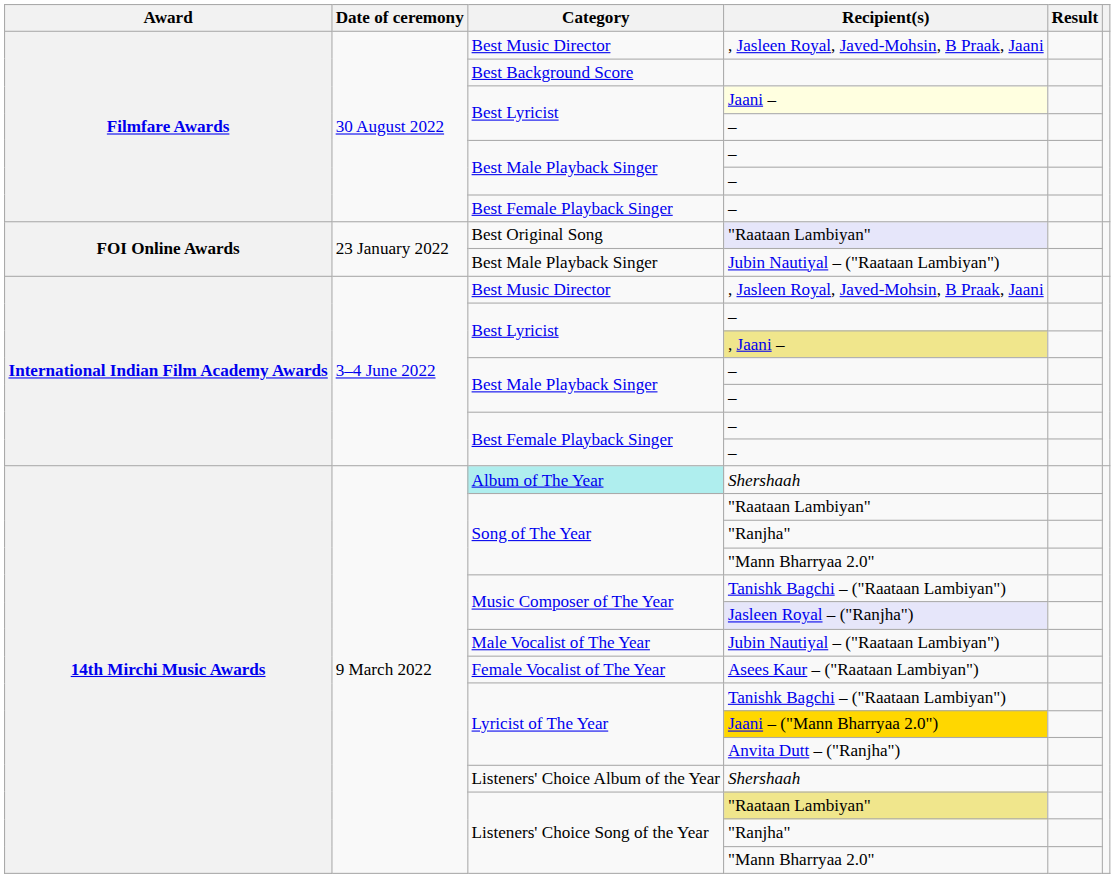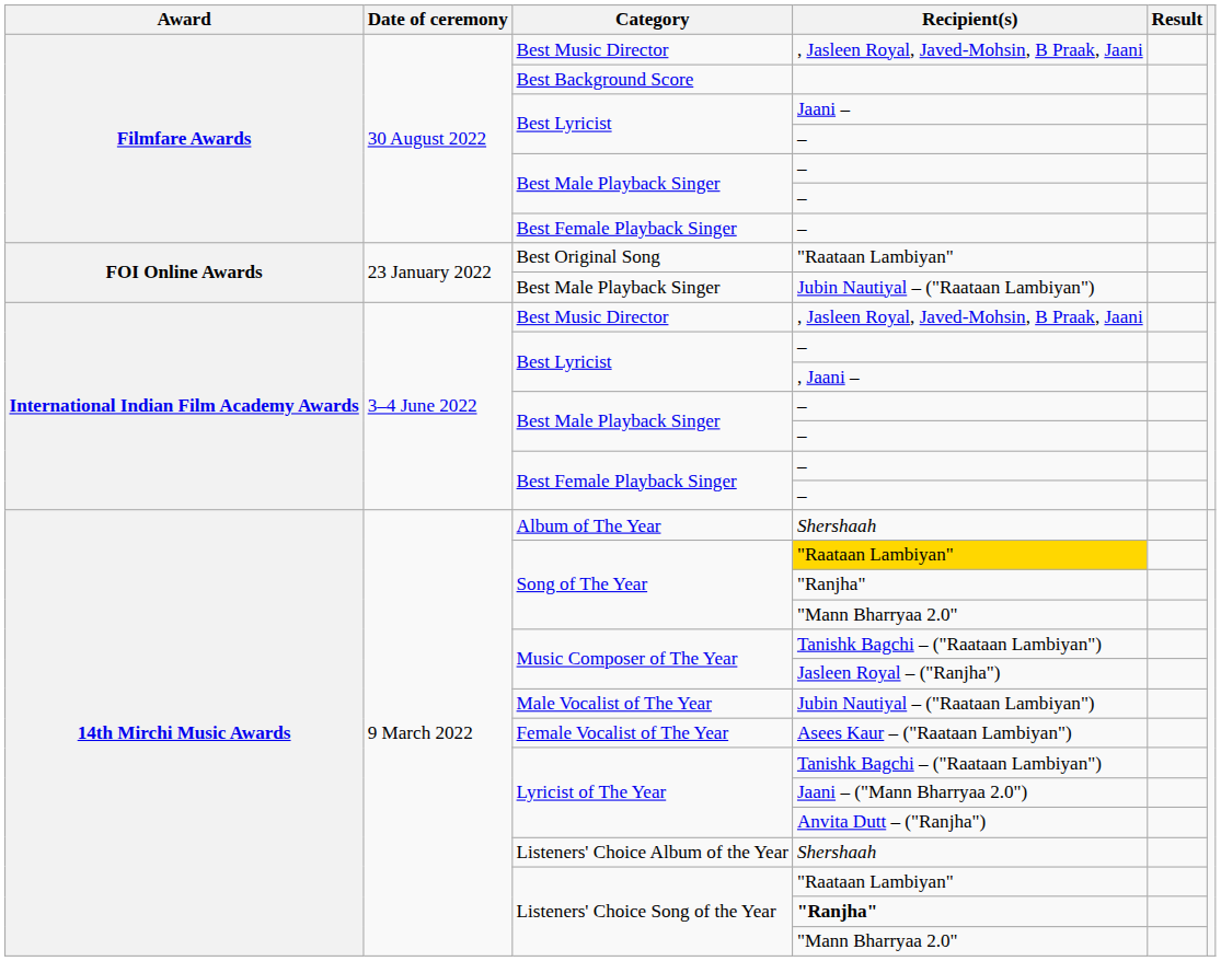 <table class="wikitable plainrowheaders sortable">
 <tr>
 <th scope="col">Award</th>
 <th scope="col">Date of ceremony</th>
 <th scope="col">Category</th>
 <th scope="col">Recipient(s)</th>
 <th scope="col">Result</th>
 <th scope="col" class="unsortable"></th>
 </tr>
 <tr>
 <th scope="row" rowspan="7"><a href='#'>Filmfare Awards</a></th>
 <td rowspan="7"><a href='#'>30 August 2022</a></td>
 <td><a href='#'>Best Music Director</a></td>
 <td>, <a href='#'>Jasleen Royal</a>, <a href='#'>Javed-Mohsin</a>, <a href='#'>B Praak</a>, <a href='#'>Jaani</a></td>
 <td></td>
 <td style="text-align:center;" rowspan="7"><br></td>
 </tr>
 <tr>
 <td><a href='#'>Best Background Score</a></td>
 <td></td>
 <td></td>
 </tr>
 <tr>
 <td rowspan="2"><a href='#'>Best Lyricist</a></td>
-<td style="background: lightyellow;"><a href='#'>Jaani</a> – </td>
+<td><a href='#'>Jaani</a> – </td>
 <td></td>
 </tr>
 <tr>
 <td> – </td>
 <td></td>
 </tr>
 <tr>
 <td rowspan="2"><a href='#'>Best Male Playback Singer</a></td>
 <td> – </td>
 <td></td>
 </tr>
 <tr>
 <td> – </td>
 <td></td>
 </tr>
 <tr>
 <td><a href='#'>Best Female Playback Singer</a></td>
 <td> – </td>
 <td></td>
 </tr>
 <tr>
 <th rowspan="2" scope="row">FOI Online Awards</th>
 <td rowspan="2">23 January 2022</td>
 <td>Best Original Song</td>
-<td style="background: lavender;">"Raataan Lambiyan"</td>
+<td>"Raataan Lambiyan"</td>
 <td></td>
 <td rowspan="2" align="center"></td>
 </tr>
 <tr>
 <td>Best Male Playback Singer</td>
 <td><a href='#'>Jubin Nautiyal</a> – ("Raataan Lambiyan")</td>
 <td></td>
 </tr>
 <tr>
 <th scope="row" rowspan="7"><a href='#'>International Indian Film Academy Awards</a></th>
 <td rowspan="7"><a href='#'>3–4 June 2022</a></td>
 <td><a href='#'>Best Music Director</a></td>
 <td>, <a href='#'>Jasleen Royal</a>, <a href='#'>Javed-Mohsin</a>, <a href='#'>B Praak</a>, <a href='#'>Jaani</a></td>
 <td></td>
 <td style="text-align:center;" rowspan="7"><br><br></td>
 </tr>
 <tr>
 <td rowspan="2"><a href='#'>Best Lyricist</a></td>
 <td> – </td>
 <td></td>
 </tr>
 <tr>
-<td style="background: khaki;">, <a href='#'>Jaani</a> – </td>
+<td>, <a href='#'>Jaani</a> – </td>
 <td></td>
 </tr>
 <tr>
 <td rowspan="2"><a href='#'>Best Male Playback Singer</a></td>
 <td> – </td>
 <td></td>
 </tr>
 <tr>
 <td> – </td>
 <td></td>
 </tr>
 <tr>
 <td rowspan="2"><a href='#'>Best Female Playback Singer</a></td>
 <td> – </td>
 <td></td>
 </tr>
 <tr>
 <td> – </td>
 <td></td>
 </tr>
 <tr>
 <th rowspan="15" scope="row"><a href='#'>14th Mirchi Music Awards</a></th>
 <td rowspan="15">9 March 2022</td>
-<td style="background: paleturquoise;"><a href='#'>Album of The Year</a></td>
+<td><a href='#'>Album of The Year</a></td>
 <td><em>Shershaah</em></td>
 <td></td>
 <td rowspan="20" align="center"><br></td>
 </tr>
 <tr>
 <td rowspan="3"><a href='#'>Song of The Year</a></td>
-<td>"Raataan Lambiyan"</td>
+<td style="background: gold;">"Raataan Lambiyan"</td>
 <td></td>
 </tr>
 <tr>
 <td>"Ranjha"</td>
 <td></td>
 </tr>
 <tr>
 <td>"Mann Bharryaa 2.0"</td>
 <td></td>
 </tr>
 <tr>
 <td rowspan="2"><a href='#'>Music Composer of The Year</a></td>
 <td><a href='#'>Tanishk Bagchi</a> – ("Raataan Lambiyan")</td>
 <td></td>
 </tr>
 <tr>
-<td style="background: lavender;"><a href='#'>Jasleen Royal</a> – ("Ranjha")</td>
+<td><a href='#'>Jasleen Royal</a> – ("Ranjha")</td>
 <td></td>
 </tr>
 <tr>
 <td><a href='#'>Male Vocalist of The Year</a></td>
 <td><a href='#'>Jubin Nautiyal</a> – ("Raataan Lambiyan")</td>
 <td></td>
 </tr>
 <tr>
 <td><a href='#'>Female Vocalist of The Year</a></td>
 <td><a href='#'>Asees Kaur</a> – ("Raataan Lambiyan")</td>
 <td></td>
 </tr>
 <tr>
 <td rowspan="3"><a href='#'>Lyricist of The Year</a></td>
 <td><a href='#'>Tanishk Bagchi</a> – ("Raataan Lambiyan")</td>
 <td></td>
 </tr>
 <tr>
-<td style="background: gold;"><a href='#'>Jaani</a> – ("Mann Bharryaa 2.0")</td>
+<td><a href='#'>Jaani</a> – ("Mann Bharryaa 2.0")</td>
 <td></td>
 </tr>
 <tr>
 <td><a href='#'>Anvita Dutt</a> – ("Ranjha")</td>
 <td></td>
 </tr>
 <tr>
 <td>Listeners' Choice Album of the Year</td>
 <td><em>Shershaah</em></td>
 <td></td>
 </tr>
 <tr>
 <td rowspan="3">Listeners' Choice Song of the Year</td>
-<td style="background: khaki;">"Raataan Lambiyan"</td>
+<td>"Raataan Lambiyan"</td>
 <td></td>
 </tr>
 <tr>
-<td>"Ranjha"</td>
+<td><strong>"Ranjha"</strong></td>
 <td></td>
 </tr>
 <tr>
 <td>"Mann Bharryaa 2.0"</td>
 <td></td>
 </tr>
 </table>
